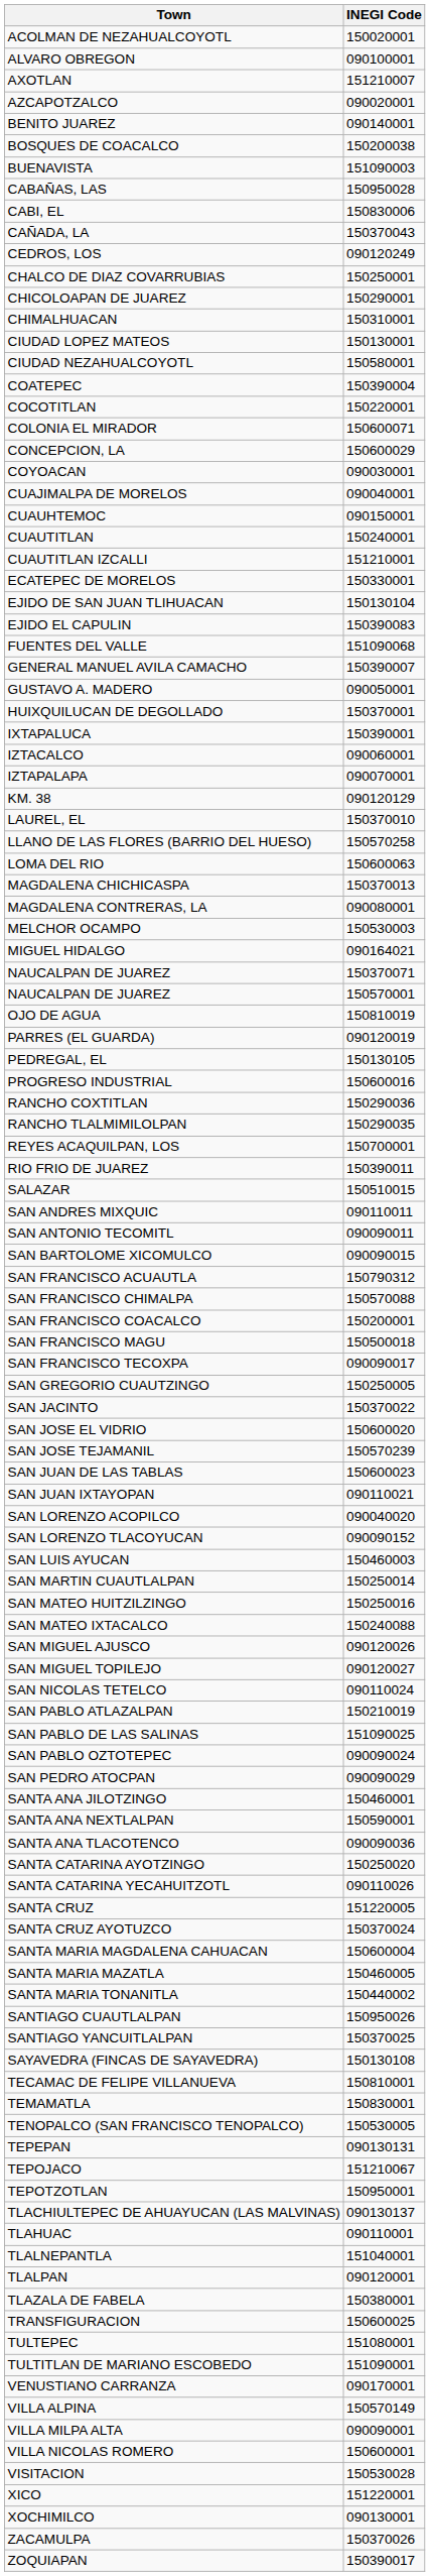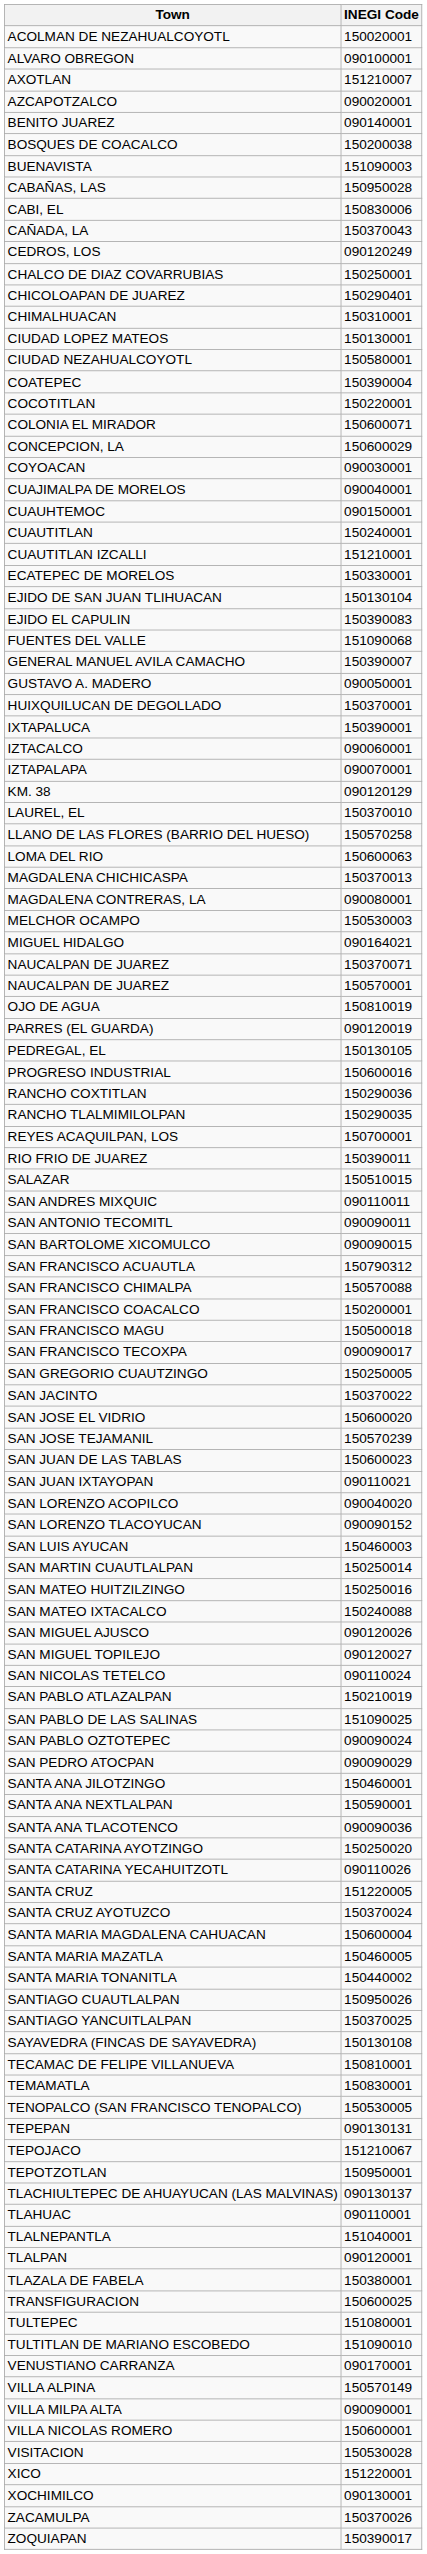 <table class="wikitable sortable">
 <tr>
 <th>Town</th>
 <th>INEGI Code</th>
 </tr>
 <tr>
 <td>ACOLMAN DE NEZAHUALCOYOTL</td>
 <td>150020001</td>
 </tr>
 <tr>
 <td>ALVARO OBREGON</td>
 <td>090100001</td>
 </tr>
 <tr>
 <td>AXOTLAN</td>
 <td>151210007</td>
 </tr>
 <tr>
 <td>AZCAPOTZALCO</td>
 <td>090020001</td>
 </tr>
 <tr>
 <td>BENITO JUAREZ</td>
 <td>090140001</td>
 </tr>
 <tr>
 <td>BOSQUES DE COACALCO</td>
 <td>150200038</td>
 </tr>
 <tr>
 <td>BUENAVISTA</td>
 <td>151090003</td>
 </tr>
 <tr>
 <td>CABAÑAS, LAS</td>
 <td>150950028</td>
 </tr>
 <tr>
 <td>CABI, EL</td>
 <td>150830006</td>
 </tr>
 <tr>
 <td>CAÑADA, LA</td>
 <td>150370043</td>
 </tr>
 <tr>
 <td>CEDROS, LOS</td>
 <td>090120249</td>
 </tr>
 <tr>
 <td>CHALCO DE DIAZ COVARRUBIAS</td>
 <td>150250001</td>
 </tr>
 <tr>
 <td>CHICOLOAPAN DE JUAREZ</td>
-<td>150290001</td>
+<td>150290401</td>
 </tr>
 <tr>
 <td>CHIMALHUACAN</td>
 <td>150310001</td>
 </tr>
 <tr>
 <td>CIUDAD LOPEZ MATEOS</td>
 <td>150130001</td>
 </tr>
 <tr>
 <td>CIUDAD NEZAHUALCOYOTL</td>
 <td>150580001</td>
 </tr>
 <tr>
 <td>COATEPEC</td>
 <td>150390004</td>
 </tr>
 <tr>
 <td>COCOTITLAN</td>
 <td>150220001</td>
 </tr>
 <tr>
 <td>COLONIA EL MIRADOR</td>
 <td>150600071</td>
 </tr>
 <tr>
 <td>CONCEPCION, LA</td>
 <td>150600029</td>
 </tr>
 <tr>
 <td>COYOACAN</td>
 <td>090030001</td>
 </tr>
 <tr>
 <td>CUAJIMALPA DE MORELOS</td>
 <td>090040001</td>
 </tr>
 <tr>
 <td>CUAUHTEMOC</td>
 <td>090150001</td>
 </tr>
 <tr>
 <td>CUAUTITLAN</td>
 <td>150240001</td>
 </tr>
 <tr>
 <td>CUAUTITLAN IZCALLI</td>
 <td>151210001</td>
 </tr>
 <tr>
 <td>ECATEPEC DE MORELOS</td>
 <td>150330001</td>
 </tr>
 <tr>
 <td>EJIDO DE SAN JUAN TLIHUACAN</td>
 <td>150130104</td>
 </tr>
 <tr>
 <td>EJIDO EL CAPULIN</td>
 <td>150390083</td>
 </tr>
 <tr>
 <td>FUENTES DEL VALLE</td>
 <td>151090068</td>
 </tr>
 <tr>
 <td>GENERAL MANUEL AVILA CAMACHO</td>
 <td>150390007</td>
 </tr>
 <tr>
 <td>GUSTAVO A. MADERO</td>
 <td>090050001</td>
 </tr>
 <tr>
 <td>HUIXQUILUCAN DE DEGOLLADO</td>
 <td>150370001</td>
 </tr>
 <tr>
 <td>IXTAPALUCA</td>
 <td>150390001</td>
 </tr>
 <tr>
 <td>IZTACALCO</td>
 <td>090060001</td>
 </tr>
 <tr>
 <td>IZTAPALAPA</td>
 <td>090070001</td>
 </tr>
 <tr>
 <td>KM. 38</td>
 <td>090120129</td>
 </tr>
 <tr>
 <td>LAUREL, EL</td>
 <td>150370010</td>
 </tr>
 <tr>
 <td>LLANO DE LAS FLORES (BARRIO DEL HUESO)</td>
 <td>150570258</td>
 </tr>
 <tr>
 <td>LOMA DEL RIO</td>
 <td>150600063</td>
 </tr>
 <tr>
 <td>MAGDALENA CHICHICASPA</td>
 <td>150370013</td>
 </tr>
 <tr>
 <td>MAGDALENA CONTRERAS, LA</td>
 <td>090080001</td>
 </tr>
 <tr>
 <td>MELCHOR OCAMPO</td>
 <td>150530003</td>
 </tr>
 <tr>
 <td>MIGUEL HIDALGO</td>
 <td>090164021</td>
 </tr>
 <tr>
 <td>NAUCALPAN DE JUAREZ</td>
 <td>150370071</td>
 </tr>
 <tr>
 <td>NAUCALPAN DE JUAREZ</td>
 <td>150570001</td>
 </tr>
 <tr>
 <td>OJO DE AGUA</td>
 <td>150810019</td>
 </tr>
 <tr>
 <td>PARRES (EL GUARDA)</td>
 <td>090120019</td>
 </tr>
 <tr>
 <td>PEDREGAL, EL</td>
 <td>150130105</td>
 </tr>
 <tr>
 <td>PROGRESO INDUSTRIAL</td>
 <td>150600016</td>
 </tr>
 <tr>
 <td>RANCHO COXTITLAN</td>
 <td>150290036</td>
 </tr>
 <tr>
 <td>RANCHO TLALMIMILOLPAN</td>
 <td>150290035</td>
 </tr>
 <tr>
 <td>REYES ACAQUILPAN, LOS</td>
 <td>150700001</td>
 </tr>
 <tr>
 <td>RIO FRIO DE JUAREZ</td>
 <td>150390011</td>
 </tr>
 <tr>
 <td>SALAZAR</td>
 <td>150510015</td>
 </tr>
 <tr>
 <td>SAN ANDRES MIXQUIC</td>
 <td>090110011</td>
 </tr>
 <tr>
 <td>SAN ANTONIO TECOMITL</td>
 <td>090090011</td>
 </tr>
 <tr>
 <td>SAN BARTOLOME XICOMULCO</td>
 <td>090090015</td>
 </tr>
 <tr>
 <td>SAN FRANCISCO ACUAUTLA</td>
 <td>150790312</td>
 </tr>
 <tr>
 <td>SAN FRANCISCO CHIMALPA</td>
 <td>150570088</td>
 </tr>
 <tr>
 <td>SAN FRANCISCO COACALCO</td>
 <td>150200001</td>
 </tr>
 <tr>
 <td>SAN FRANCISCO MAGU</td>
 <td>150500018</td>
 </tr>
 <tr>
 <td>SAN FRANCISCO TECOXPA</td>
 <td>090090017</td>
 </tr>
 <tr>
 <td>SAN GREGORIO CUAUTZINGO</td>
 <td>150250005</td>
 </tr>
 <tr>
 <td>SAN JACINTO</td>
 <td>150370022</td>
 </tr>
 <tr>
 <td>SAN JOSE EL VIDRIO</td>
 <td>150600020</td>
 </tr>
 <tr>
 <td>SAN JOSE TEJAMANIL</td>
 <td>150570239</td>
 </tr>
 <tr>
 <td>SAN JUAN DE LAS TABLAS</td>
 <td>150600023</td>
 </tr>
 <tr>
 <td>SAN JUAN IXTAYOPAN</td>
 <td>090110021</td>
 </tr>
 <tr>
 <td>SAN LORENZO ACOPILCO</td>
 <td>090040020</td>
 </tr>
 <tr>
 <td>SAN LORENZO TLACOYUCAN</td>
 <td>090090152</td>
 </tr>
 <tr>
 <td>SAN LUIS AYUCAN</td>
 <td>150460003</td>
 </tr>
 <tr>
 <td>SAN MARTIN CUAUTLALPAN</td>
 <td>150250014</td>
 </tr>
 <tr>
 <td>SAN MATEO HUITZILZINGO</td>
 <td>150250016</td>
 </tr>
 <tr>
 <td>SAN MATEO IXTACALCO</td>
 <td>150240088</td>
 </tr>
 <tr>
 <td>SAN MIGUEL AJUSCO</td>
 <td>090120026</td>
 </tr>
 <tr>
 <td>SAN MIGUEL TOPILEJO</td>
 <td>090120027</td>
 </tr>
 <tr>
 <td>SAN NICOLAS TETELCO</td>
 <td>090110024</td>
 </tr>
 <tr>
 <td>SAN PABLO ATLAZALPAN</td>
 <td>150210019</td>
 </tr>
 <tr>
 <td>SAN PABLO DE LAS SALINAS</td>
 <td>151090025</td>
 </tr>
 <tr>
 <td>SAN PABLO OZTOTEPEC</td>
 <td>090090024</td>
 </tr>
 <tr>
 <td>SAN PEDRO ATOCPAN</td>
 <td>090090029</td>
 </tr>
 <tr>
 <td>SANTA ANA JILOTZINGO</td>
 <td>150460001</td>
 </tr>
 <tr>
 <td>SANTA ANA NEXTLALPAN</td>
 <td>150590001</td>
 </tr>
 <tr>
 <td>SANTA ANA TLACOTENCO</td>
 <td>090090036</td>
 </tr>
 <tr>
 <td>SANTA CATARINA AYOTZINGO</td>
 <td>150250020</td>
 </tr>
 <tr>
 <td>SANTA CATARINA YECAHUITZOTL</td>
 <td>090110026</td>
 </tr>
 <tr>
 <td>SANTA CRUZ</td>
 <td>151220005</td>
 </tr>
 <tr>
 <td>SANTA CRUZ AYOTUZCO</td>
 <td>150370024</td>
 </tr>
 <tr>
 <td>SANTA MARIA MAGDALENA CAHUACAN</td>
 <td>150600004</td>
 </tr>
 <tr>
 <td>SANTA MARIA MAZATLA</td>
 <td>150460005</td>
 </tr>
 <tr>
 <td>SANTA MARIA TONANITLA</td>
 <td>150440002</td>
 </tr>
 <tr>
 <td>SANTIAGO CUAUTLALPAN</td>
 <td>150950026</td>
 </tr>
 <tr>
 <td>SANTIAGO YANCUITLALPAN</td>
 <td>150370025</td>
 </tr>
 <tr>
 <td>SAYAVEDRA (FINCAS DE SAYAVEDRA)</td>
 <td>150130108</td>
 </tr>
 <tr>
 <td>TECAMAC DE FELIPE VILLANUEVA</td>
 <td>150810001</td>
 </tr>
 <tr>
 <td>TEMAMATLA</td>
 <td>150830001</td>
 </tr>
 <tr>
 <td>TENOPALCO (SAN FRANCISCO TENOPALCO)</td>
 <td>150530005</td>
 </tr>
 <tr>
 <td>TEPEPAN</td>
 <td>090130131</td>
 </tr>
 <tr>
 <td>TEPOJACO</td>
 <td>151210067</td>
 </tr>
 <tr>
 <td>TEPOTZOTLAN</td>
 <td>150950001</td>
 </tr>
 <tr>
 <td>TLACHIULTEPEC DE AHUAYUCAN (LAS MALVINAS)</td>
 <td>090130137</td>
 </tr>
 <tr>
 <td>TLAHUAC</td>
 <td>090110001</td>
 </tr>
 <tr>
 <td>TLALNEPANTLA</td>
 <td>151040001</td>
 </tr>
 <tr>
 <td>TLALPAN</td>
 <td>090120001</td>
 </tr>
 <tr>
 <td>TLAZALA DE FABELA</td>
 <td>150380001</td>
 </tr>
 <tr>
 <td>TRANSFIGURACION</td>
 <td>150600025</td>
 </tr>
 <tr>
 <td>TULTEPEC</td>
 <td>151080001</td>
 </tr>
 <tr>
 <td>TULTITLAN DE MARIANO ESCOBEDO</td>
-<td>151090001</td>
+<td>151090010</td>
 </tr>
 <tr>
 <td>VENUSTIANO CARRANZA</td>
 <td>090170001</td>
 </tr>
 <tr>
 <td>VILLA ALPINA</td>
 <td>150570149</td>
 </tr>
 <tr>
 <td>VILLA MILPA ALTA</td>
 <td>090090001</td>
 </tr>
 <tr>
 <td>VILLA NICOLAS ROMERO</td>
 <td>150600001</td>
 </tr>
 <tr>
 <td>VISITACION</td>
 <td>150530028</td>
 </tr>
 <tr>
 <td>XICO</td>
 <td>151220001</td>
 </tr>
 <tr>
 <td>XOCHIMILCO</td>
 <td>090130001</td>
 </tr>
 <tr>
 <td>ZACAMULPA</td>
 <td>150370026</td>
 </tr>
 <tr>
 <td>ZOQUIAPAN</td>
 <td>150390017</td>
 </tr>
 </table>
